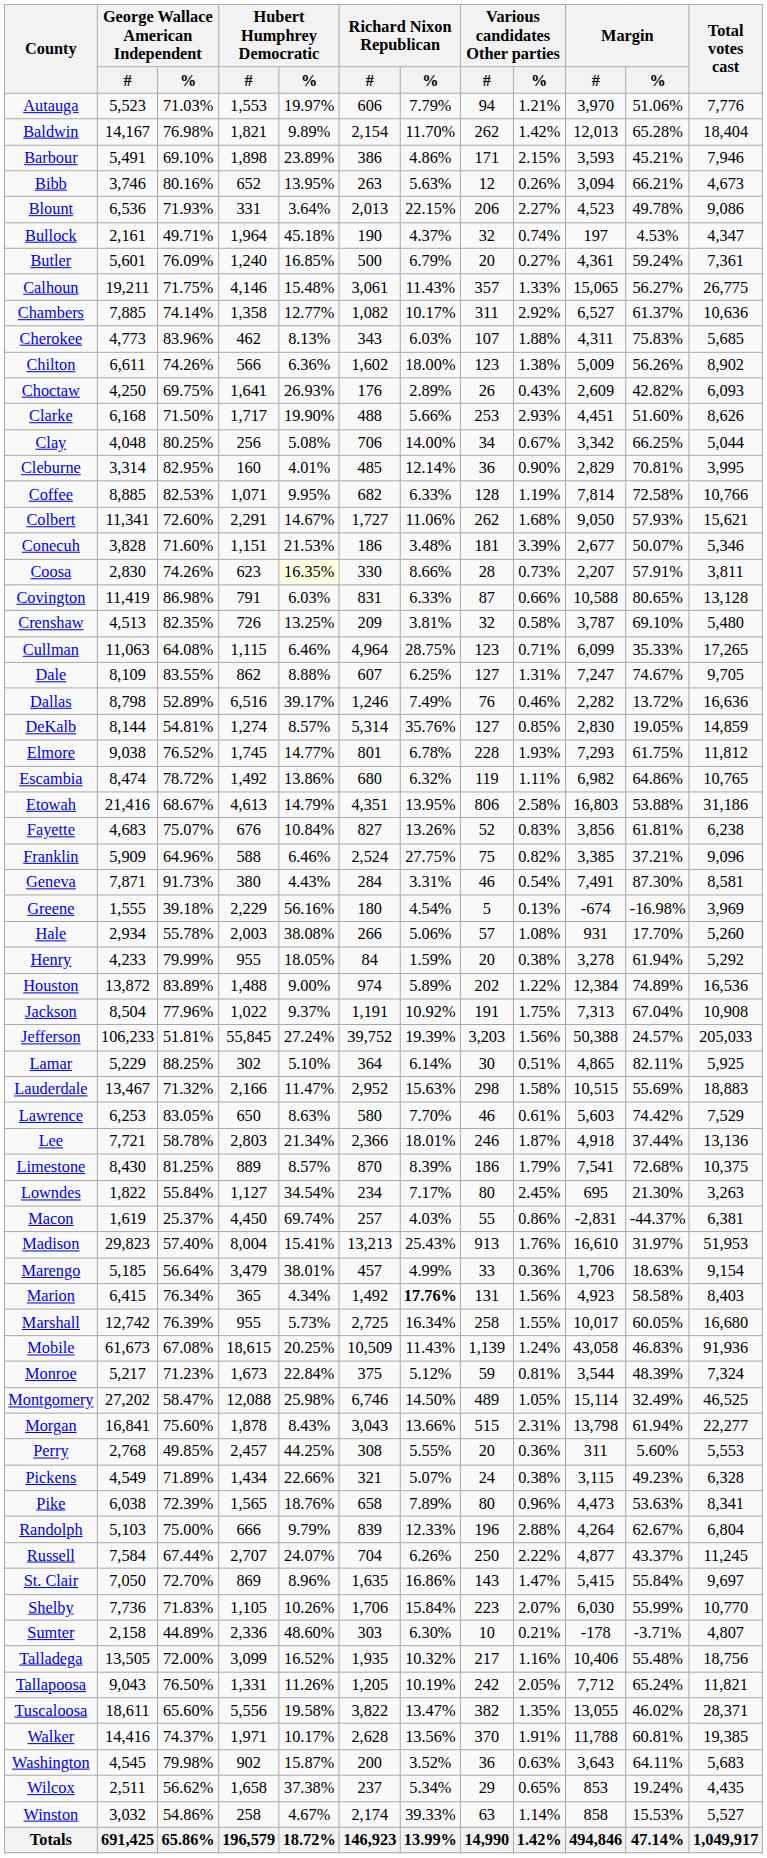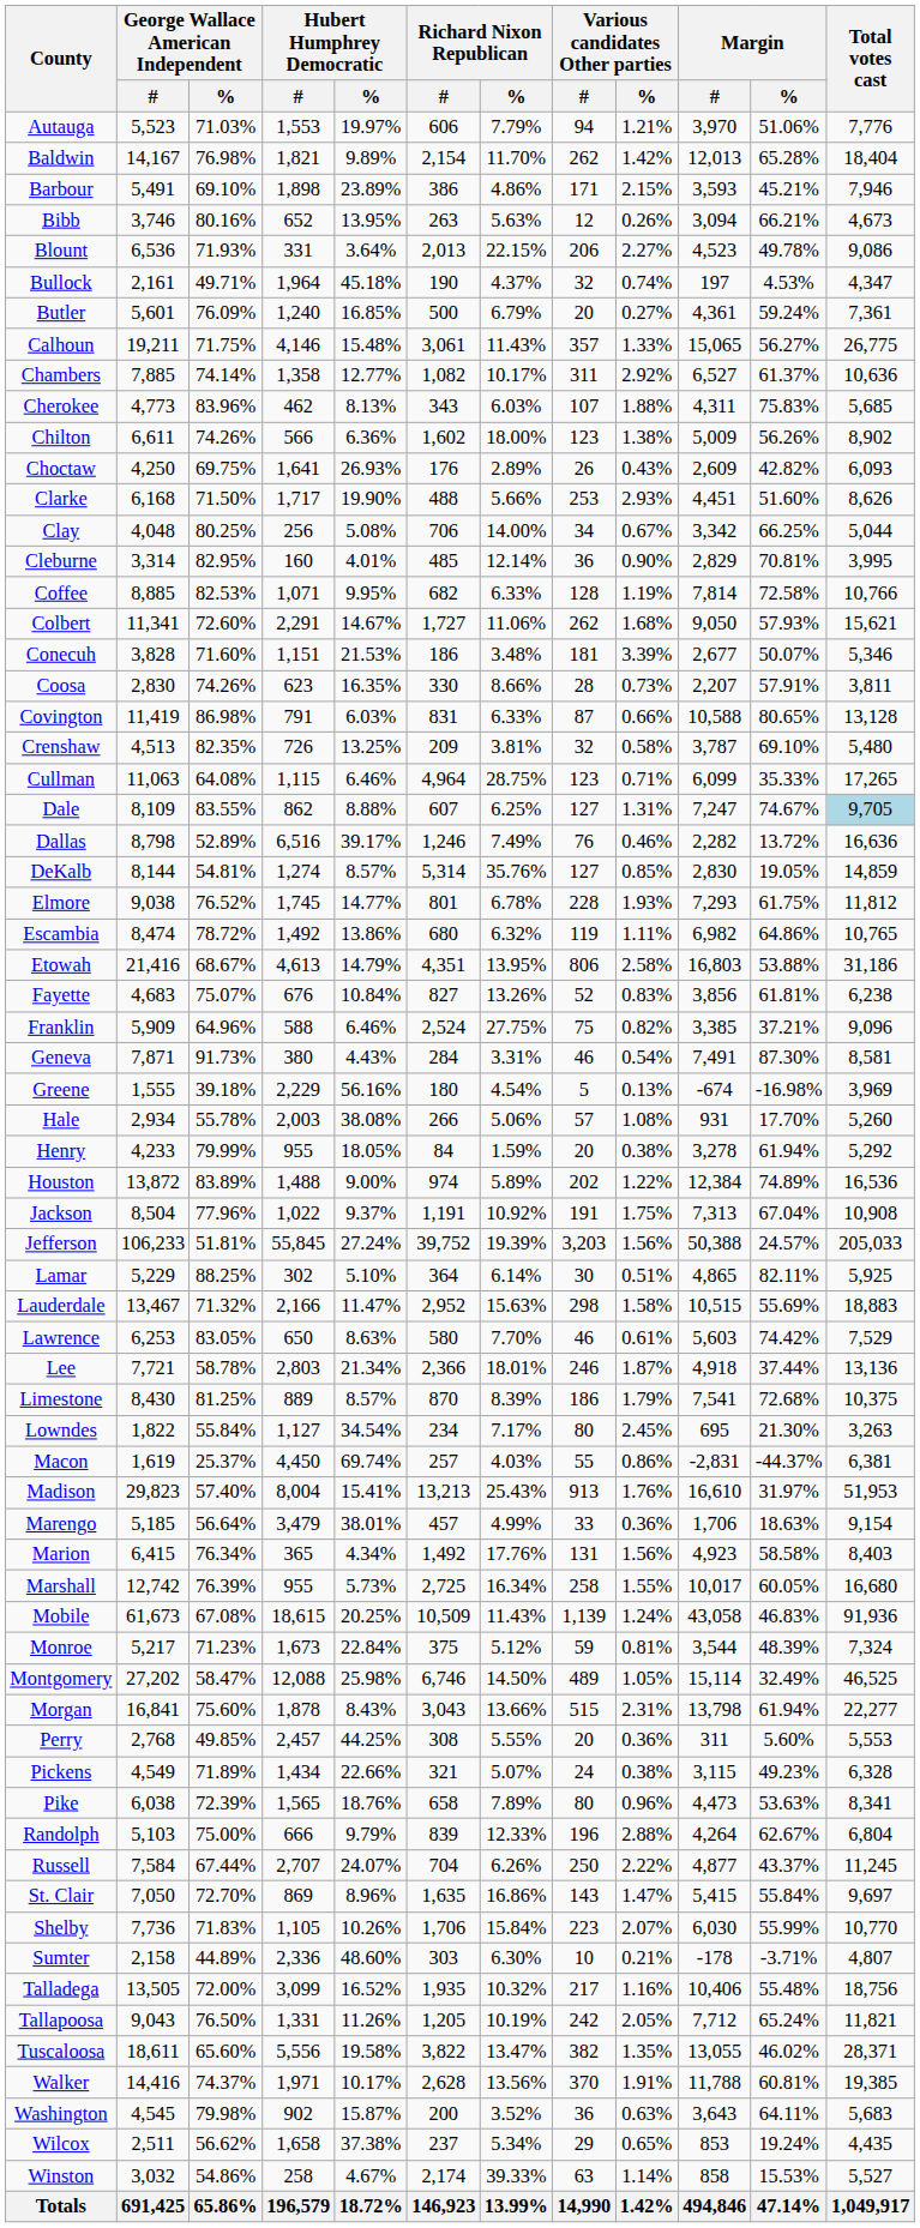 <table width="60%" class="wikitable sortable">
 <tr>
 <th rowspan="2">County</th>
 <th colspan="2">George Wallace<br>American Independent</th>
 <th colspan="2">Hubert Humphrey<br>Democratic</th>
 <th colspan="2">Richard Nixon<br>Republican</th>
 <th colspan="2">Various candidates<br>Other parties</th>
 <th colspan="2">Margin</th>
 <th rowspan="2">Total votes cast</th>
 </tr>
 <tr>
 <th style="text-align:center;" data-sort-type="number">#</th>
 <th style="text-align:center;" data-sort-type="number">%</th>
 <th style="text-align:center;" data-sort-type="number">#</th>
 <th style="text-align:center;" data-sort-type="number">%</th>
 <th style="text-align:center;" data-sort-type="number">#</th>
 <th style="text-align:center;" data-sort-type="number">%</th>
 <th style="text-align:center;" data-sort-type="number">#</th>
 <th style="text-align:center;" data-sort-type="number">%</th>
 <th style="text-align:center;" data-sort-type="number">#</th>
 <th style="text-align:center;" data-sort-type="number">%</th>
 </tr>
 <tr style="text-align:center;">
 <td><a href='#'>Autauga</a></td>
 <td>5,523</td>
 <td>71.03%</td>
 <td>1,553</td>
 <td>19.97%</td>
 <td>606</td>
 <td>7.79%</td>
 <td>94</td>
 <td>1.21%</td>
 <td>3,970</td>
 <td>51.06%</td>
 <td>7,776</td>
 </tr>
 <tr style="text-align:center;">
 <td><a href='#'>Baldwin</a></td>
 <td>14,167</td>
 <td>76.98%</td>
 <td>1,821</td>
 <td>9.89%</td>
 <td>2,154</td>
 <td>11.70%</td>
 <td>262</td>
 <td>1.42%</td>
 <td>12,013</td>
 <td>65.28%</td>
 <td>18,404</td>
 </tr>
 <tr style="text-align:center;">
 <td><a href='#'>Barbour</a></td>
 <td>5,491</td>
 <td>69.10%</td>
 <td>1,898</td>
 <td>23.89%</td>
 <td>386</td>
 <td>4.86%</td>
 <td>171</td>
 <td>2.15%</td>
 <td>3,593</td>
 <td>45.21%</td>
 <td>7,946</td>
 </tr>
 <tr style="text-align:center;">
 <td><a href='#'>Bibb</a></td>
 <td>3,746</td>
 <td>80.16%</td>
 <td>652</td>
 <td>13.95%</td>
 <td>263</td>
 <td>5.63%</td>
 <td>12</td>
 <td>0.26%</td>
 <td>3,094</td>
 <td>66.21%</td>
 <td>4,673</td>
 </tr>
 <tr style="text-align:center;">
 <td><a href='#'>Blount</a></td>
 <td>6,536</td>
 <td>71.93%</td>
 <td>331</td>
 <td>3.64%</td>
 <td>2,013</td>
 <td>22.15%</td>
 <td>206</td>
 <td>2.27%</td>
 <td>4,523</td>
 <td>49.78%</td>
 <td>9,086</td>
 </tr>
 <tr style="text-align:center;">
 <td><a href='#'>Bullock</a></td>
 <td>2,161</td>
 <td>49.71%</td>
 <td>1,964</td>
 <td>45.18%</td>
 <td>190</td>
 <td>4.37%</td>
 <td>32</td>
 <td>0.74%</td>
 <td>197</td>
 <td>4.53%</td>
 <td>4,347</td>
 </tr>
 <tr style="text-align:center;">
 <td><a href='#'>Butler</a></td>
 <td>5,601</td>
 <td>76.09%</td>
 <td>1,240</td>
 <td>16.85%</td>
 <td>500</td>
 <td>6.79%</td>
 <td>20</td>
 <td>0.27%</td>
 <td>4,361</td>
 <td>59.24%</td>
 <td>7,361</td>
 </tr>
 <tr style="text-align:center;">
 <td><a href='#'>Calhoun</a></td>
 <td>19,211</td>
 <td>71.75%</td>
 <td>4,146</td>
 <td>15.48%</td>
 <td>3,061</td>
 <td>11.43%</td>
 <td>357</td>
 <td>1.33%</td>
 <td>15,065</td>
 <td>56.27%</td>
 <td>26,775</td>
 </tr>
 <tr style="text-align:center;">
 <td><a href='#'>Chambers</a></td>
 <td>7,885</td>
 <td>74.14%</td>
 <td>1,358</td>
 <td>12.77%</td>
 <td>1,082</td>
 <td>10.17%</td>
 <td>311</td>
 <td>2.92%</td>
 <td>6,527</td>
 <td>61.37%</td>
 <td>10,636</td>
 </tr>
 <tr style="text-align:center;">
 <td><a href='#'>Cherokee</a></td>
 <td>4,773</td>
 <td>83.96%</td>
 <td>462</td>
 <td>8.13%</td>
 <td>343</td>
 <td>6.03%</td>
 <td>107</td>
 <td>1.88%</td>
 <td>4,311</td>
 <td>75.83%</td>
 <td>5,685</td>
 </tr>
 <tr style="text-align:center;">
 <td><a href='#'>Chilton</a></td>
 <td>6,611</td>
 <td>74.26%</td>
 <td>566</td>
 <td>6.36%</td>
 <td>1,602</td>
 <td>18.00%</td>
 <td>123</td>
 <td>1.38%</td>
 <td>5,009</td>
 <td>56.26%</td>
 <td>8,902</td>
 </tr>
 <tr style="text-align:center;">
 <td><a href='#'>Choctaw</a></td>
 <td>4,250</td>
 <td>69.75%</td>
 <td>1,641</td>
 <td>26.93%</td>
 <td>176</td>
 <td>2.89%</td>
 <td>26</td>
 <td>0.43%</td>
 <td>2,609</td>
 <td>42.82%</td>
 <td>6,093</td>
 </tr>
 <tr style="text-align:center;">
 <td><a href='#'>Clarke</a></td>
 <td>6,168</td>
 <td>71.50%</td>
 <td>1,717</td>
 <td>19.90%</td>
 <td>488</td>
 <td>5.66%</td>
 <td>253</td>
 <td>2.93%</td>
 <td>4,451</td>
 <td>51.60%</td>
 <td>8,626</td>
 </tr>
 <tr style="text-align:center;">
 <td><a href='#'>Clay</a></td>
 <td>4,048</td>
 <td>80.25%</td>
 <td>256</td>
 <td>5.08%</td>
 <td>706</td>
 <td>14.00%</td>
 <td>34</td>
 <td>0.67%</td>
 <td>3,342</td>
 <td>66.25%</td>
 <td>5,044</td>
 </tr>
 <tr style="text-align:center;">
 <td><a href='#'>Cleburne</a></td>
 <td>3,314</td>
 <td>82.95%</td>
 <td>160</td>
 <td>4.01%</td>
 <td>485</td>
 <td>12.14%</td>
 <td>36</td>
 <td>0.90%</td>
 <td>2,829</td>
 <td>70.81%</td>
 <td>3,995</td>
 </tr>
 <tr style="text-align:center;">
 <td><a href='#'>Coffee</a></td>
 <td>8,885</td>
 <td>82.53%</td>
 <td>1,071</td>
 <td>9.95%</td>
 <td>682</td>
 <td>6.33%</td>
 <td>128</td>
 <td>1.19%</td>
 <td>7,814</td>
 <td>72.58%</td>
 <td>10,766</td>
 </tr>
 <tr style="text-align:center;">
 <td><a href='#'>Colbert</a></td>
 <td>11,341</td>
 <td>72.60%</td>
 <td>2,291</td>
 <td>14.67%</td>
 <td>1,727</td>
 <td>11.06%</td>
 <td>262</td>
 <td>1.68%</td>
 <td>9,050</td>
 <td>57.93%</td>
 <td>15,621</td>
 </tr>
 <tr style="text-align:center;">
 <td><a href='#'>Conecuh</a></td>
 <td>3,828</td>
 <td>71.60%</td>
 <td>1,151</td>
 <td>21.53%</td>
 <td>186</td>
 <td>3.48%</td>
 <td>181</td>
 <td>3.39%</td>
 <td>2,677</td>
 <td>50.07%</td>
 <td>5,346</td>
 </tr>
 <tr style="text-align:center;">
 <td><a href='#'>Coosa</a></td>
 <td>2,830</td>
 <td>74.26%</td>
 <td>623</td>
-<td style="background: lightyellow;">16.35%</td>
+<td>16.35%</td>
 <td>330</td>
 <td>8.66%</td>
 <td>28</td>
 <td>0.73%</td>
 <td>2,207</td>
 <td>57.91%</td>
 <td>3,811</td>
 </tr>
 <tr style="text-align:center;">
 <td><a href='#'>Covington</a></td>
 <td>11,419</td>
 <td>86.98%</td>
 <td>791</td>
 <td>6.03%</td>
 <td>831</td>
 <td>6.33%</td>
 <td>87</td>
 <td>0.66%</td>
 <td>10,588</td>
 <td>80.65%</td>
 <td>13,128</td>
 </tr>
 <tr style="text-align:center;">
 <td><a href='#'>Crenshaw</a></td>
 <td>4,513</td>
 <td>82.35%</td>
 <td>726</td>
 <td>13.25%</td>
 <td>209</td>
 <td>3.81%</td>
 <td>32</td>
 <td>0.58%</td>
 <td>3,787</td>
 <td>69.10%</td>
 <td>5,480</td>
 </tr>
 <tr style="text-align:center;">
 <td><a href='#'>Cullman</a></td>
 <td>11,063</td>
 <td>64.08%</td>
 <td>1,115</td>
 <td>6.46%</td>
 <td>4,964</td>
 <td>28.75%</td>
 <td>123</td>
 <td>0.71%</td>
 <td>6,099</td>
 <td>35.33%</td>
 <td>17,265</td>
 </tr>
 <tr style="text-align:center;">
 <td><a href='#'>Dale</a></td>
 <td>8,109</td>
 <td>83.55%</td>
 <td>862</td>
 <td>8.88%</td>
 <td>607</td>
 <td>6.25%</td>
 <td>127</td>
 <td>1.31%</td>
 <td>7,247</td>
 <td>74.67%</td>
-<td>9,705</td>
+<td style="background: lightblue;">9,705</td>
 </tr>
 <tr style="text-align:center;">
 <td><a href='#'>Dallas</a></td>
 <td>8,798</td>
 <td>52.89%</td>
 <td>6,516</td>
 <td>39.17%</td>
 <td>1,246</td>
 <td>7.49%</td>
 <td>76</td>
 <td>0.46%</td>
 <td>2,282</td>
 <td>13.72%</td>
 <td>16,636</td>
 </tr>
 <tr style="text-align:center;">
 <td><a href='#'>DeKalb</a></td>
 <td>8,144</td>
 <td>54.81%</td>
 <td>1,274</td>
 <td>8.57%</td>
 <td>5,314</td>
 <td>35.76%</td>
 <td>127</td>
 <td>0.85%</td>
 <td>2,830</td>
 <td>19.05%</td>
 <td>14,859</td>
 </tr>
 <tr style="text-align:center;">
 <td><a href='#'>Elmore</a></td>
 <td>9,038</td>
 <td>76.52%</td>
 <td>1,745</td>
 <td>14.77%</td>
 <td>801</td>
 <td>6.78%</td>
 <td>228</td>
 <td>1.93%</td>
 <td>7,293</td>
 <td>61.75%</td>
 <td>11,812</td>
 </tr>
 <tr style="text-align:center;">
 <td><a href='#'>Escambia</a></td>
 <td>8,474</td>
 <td>78.72%</td>
 <td>1,492</td>
 <td>13.86%</td>
 <td>680</td>
 <td>6.32%</td>
 <td>119</td>
 <td>1.11%</td>
 <td>6,982</td>
 <td>64.86%</td>
 <td>10,765</td>
 </tr>
 <tr style="text-align:center;">
 <td><a href='#'>Etowah</a></td>
 <td>21,416</td>
 <td>68.67%</td>
 <td>4,613</td>
 <td>14.79%</td>
 <td>4,351</td>
 <td>13.95%</td>
 <td>806</td>
 <td>2.58%</td>
 <td>16,803</td>
 <td>53.88%</td>
 <td>31,186</td>
 </tr>
 <tr style="text-align:center;">
 <td><a href='#'>Fayette</a></td>
 <td>4,683</td>
 <td>75.07%</td>
 <td>676</td>
 <td>10.84%</td>
 <td>827</td>
 <td>13.26%</td>
 <td>52</td>
 <td>0.83%</td>
 <td>3,856</td>
 <td>61.81%</td>
 <td>6,238</td>
 </tr>
 <tr style="text-align:center;">
 <td><a href='#'>Franklin</a></td>
 <td>5,909</td>
 <td>64.96%</td>
 <td>588</td>
 <td>6.46%</td>
 <td>2,524</td>
 <td>27.75%</td>
 <td>75</td>
 <td>0.82%</td>
 <td>3,385</td>
 <td>37.21%</td>
 <td>9,096</td>
 </tr>
 <tr style="text-align:center;">
 <td><a href='#'>Geneva</a></td>
 <td>7,871</td>
 <td>91.73%</td>
 <td>380</td>
 <td>4.43%</td>
 <td>284</td>
 <td>3.31%</td>
 <td>46</td>
 <td>0.54%</td>
 <td>7,491</td>
 <td>87.30%</td>
 <td>8,581</td>
 </tr>
 <tr style="text-align:center;">
 <td><a href='#'>Greene</a></td>
 <td>1,555</td>
 <td>39.18%</td>
 <td>2,229</td>
 <td>56.16%</td>
 <td>180</td>
 <td>4.54%</td>
 <td>5</td>
 <td>0.13%</td>
 <td>-674</td>
 <td>-16.98%</td>
 <td>3,969</td>
 </tr>
 <tr style="text-align:center;">
 <td><a href='#'>Hale</a></td>
 <td>2,934</td>
 <td>55.78%</td>
 <td>2,003</td>
 <td>38.08%</td>
 <td>266</td>
 <td>5.06%</td>
 <td>57</td>
 <td>1.08%</td>
 <td>931</td>
 <td>17.70%</td>
 <td>5,260</td>
 </tr>
 <tr style="text-align:center;">
 <td><a href='#'>Henry</a></td>
 <td>4,233</td>
 <td>79.99%</td>
 <td>955</td>
 <td>18.05%</td>
 <td>84</td>
 <td>1.59%</td>
 <td>20</td>
 <td>0.38%</td>
 <td>3,278</td>
 <td>61.94%</td>
 <td>5,292</td>
 </tr>
 <tr style="text-align:center;">
 <td><a href='#'>Houston</a></td>
 <td>13,872</td>
 <td>83.89%</td>
 <td>1,488</td>
 <td>9.00%</td>
 <td>974</td>
 <td>5.89%</td>
 <td>202</td>
 <td>1.22%</td>
 <td>12,384</td>
 <td>74.89%</td>
 <td>16,536</td>
 </tr>
 <tr style="text-align:center;">
 <td><a href='#'>Jackson</a></td>
 <td>8,504</td>
 <td>77.96%</td>
 <td>1,022</td>
 <td>9.37%</td>
 <td>1,191</td>
 <td>10.92%</td>
 <td>191</td>
 <td>1.75%</td>
 <td>7,313</td>
 <td>67.04%</td>
 <td>10,908</td>
 </tr>
 <tr style="text-align:center;">
 <td><a href='#'>Jefferson</a></td>
 <td>106,233</td>
 <td>51.81%</td>
 <td>55,845</td>
 <td>27.24%</td>
 <td>39,752</td>
 <td>19.39%</td>
 <td>3,203</td>
 <td>1.56%</td>
 <td>50,388</td>
 <td>24.57%</td>
 <td>205,033</td>
 </tr>
 <tr style="text-align:center;">
 <td><a href='#'>Lamar</a></td>
 <td>5,229</td>
 <td>88.25%</td>
 <td>302</td>
 <td>5.10%</td>
 <td>364</td>
 <td>6.14%</td>
 <td>30</td>
 <td>0.51%</td>
 <td>4,865</td>
 <td>82.11%</td>
 <td>5,925</td>
 </tr>
 <tr style="text-align:center;">
 <td><a href='#'>Lauderdale</a></td>
 <td>13,467</td>
 <td>71.32%</td>
 <td>2,166</td>
 <td>11.47%</td>
 <td>2,952</td>
 <td>15.63%</td>
 <td>298</td>
 <td>1.58%</td>
 <td>10,515</td>
 <td>55.69%</td>
 <td>18,883</td>
 </tr>
 <tr style="text-align:center;">
 <td><a href='#'>Lawrence</a></td>
 <td>6,253</td>
 <td>83.05%</td>
 <td>650</td>
 <td>8.63%</td>
 <td>580</td>
 <td>7.70%</td>
 <td>46</td>
 <td>0.61%</td>
 <td>5,603</td>
 <td>74.42%</td>
 <td>7,529</td>
 </tr>
 <tr style="text-align:center;">
 <td><a href='#'>Lee</a></td>
 <td>7,721</td>
 <td>58.78%</td>
 <td>2,803</td>
 <td>21.34%</td>
 <td>2,366</td>
 <td>18.01%</td>
 <td>246</td>
 <td>1.87%</td>
 <td>4,918</td>
 <td>37.44%</td>
 <td>13,136</td>
 </tr>
 <tr style="text-align:center;">
 <td><a href='#'>Limestone</a></td>
 <td>8,430</td>
 <td>81.25%</td>
 <td>889</td>
 <td>8.57%</td>
 <td>870</td>
 <td>8.39%</td>
 <td>186</td>
 <td>1.79%</td>
 <td>7,541</td>
 <td>72.68%</td>
 <td>10,375</td>
 </tr>
 <tr style="text-align:center;">
 <td><a href='#'>Lowndes</a></td>
 <td>1,822</td>
 <td>55.84%</td>
 <td>1,127</td>
 <td>34.54%</td>
 <td>234</td>
 <td>7.17%</td>
 <td>80</td>
 <td>2.45%</td>
 <td>695</td>
 <td>21.30%</td>
 <td>3,263</td>
 </tr>
 <tr style="text-align:center;">
 <td><a href='#'>Macon</a></td>
 <td>1,619</td>
 <td>25.37%</td>
 <td>4,450</td>
 <td>69.74%</td>
 <td>257</td>
 <td>4.03%</td>
 <td>55</td>
 <td>0.86%</td>
 <td>-2,831</td>
 <td>-44.37%</td>
 <td>6,381</td>
 </tr>
 <tr style="text-align:center;">
 <td><a href='#'>Madison</a></td>
 <td>29,823</td>
 <td>57.40%</td>
 <td>8,004</td>
 <td>15.41%</td>
 <td>13,213</td>
 <td>25.43%</td>
 <td>913</td>
 <td>1.76%</td>
 <td>16,610</td>
 <td>31.97%</td>
 <td>51,953</td>
 </tr>
 <tr style="text-align:center;">
 <td><a href='#'>Marengo</a></td>
 <td>5,185</td>
 <td>56.64%</td>
 <td>3,479</td>
 <td>38.01%</td>
 <td>457</td>
 <td>4.99%</td>
 <td>33</td>
 <td>0.36%</td>
 <td>1,706</td>
 <td>18.63%</td>
 <td>9,154</td>
 </tr>
 <tr style="text-align:center;">
 <td><a href='#'>Marion</a></td>
 <td>6,415</td>
 <td>76.34%</td>
 <td>365</td>
 <td>4.34%</td>
 <td>1,492</td>
-<td><strong>17.76%</strong></td>
+<td>17.76%</td>
 <td>131</td>
 <td>1.56%</td>
 <td>4,923</td>
 <td>58.58%</td>
 <td>8,403</td>
 </tr>
 <tr style="text-align:center;">
 <td><a href='#'>Marshall</a></td>
 <td>12,742</td>
 <td>76.39%</td>
 <td>955</td>
 <td>5.73%</td>
 <td>2,725</td>
 <td>16.34%</td>
 <td>258</td>
 <td>1.55%</td>
 <td>10,017</td>
 <td>60.05%</td>
 <td>16,680</td>
 </tr>
 <tr style="text-align:center;">
 <td><a href='#'>Mobile</a></td>
 <td>61,673</td>
 <td>67.08%</td>
 <td>18,615</td>
 <td>20.25%</td>
 <td>10,509</td>
 <td>11.43%</td>
 <td>1,139</td>
 <td>1.24%</td>
 <td>43,058</td>
 <td>46.83%</td>
 <td>91,936</td>
 </tr>
 <tr style="text-align:center;">
 <td><a href='#'>Monroe</a></td>
 <td>5,217</td>
 <td>71.23%</td>
 <td>1,673</td>
 <td>22.84%</td>
 <td>375</td>
 <td>5.12%</td>
 <td>59</td>
 <td>0.81%</td>
 <td>3,544</td>
 <td>48.39%</td>
 <td>7,324</td>
 </tr>
 <tr style="text-align:center;">
 <td><a href='#'>Montgomery</a></td>
 <td>27,202</td>
 <td>58.47%</td>
 <td>12,088</td>
 <td>25.98%</td>
 <td>6,746</td>
 <td>14.50%</td>
 <td>489</td>
 <td>1.05%</td>
 <td>15,114</td>
 <td>32.49%</td>
 <td>46,525</td>
 </tr>
 <tr style="text-align:center;">
 <td><a href='#'>Morgan</a></td>
 <td>16,841</td>
 <td>75.60%</td>
 <td>1,878</td>
 <td>8.43%</td>
 <td>3,043</td>
 <td>13.66%</td>
 <td>515</td>
 <td>2.31%</td>
 <td>13,798</td>
 <td>61.94%</td>
 <td>22,277</td>
 </tr>
 <tr style="text-align:center;">
 <td><a href='#'>Perry</a></td>
 <td>2,768</td>
 <td>49.85%</td>
 <td>2,457</td>
 <td>44.25%</td>
 <td>308</td>
 <td>5.55%</td>
 <td>20</td>
 <td>0.36%</td>
 <td>311</td>
 <td>5.60%</td>
 <td>5,553</td>
 </tr>
 <tr style="text-align:center;">
 <td><a href='#'>Pickens</a></td>
 <td>4,549</td>
 <td>71.89%</td>
 <td>1,434</td>
 <td>22.66%</td>
 <td>321</td>
 <td>5.07%</td>
 <td>24</td>
 <td>0.38%</td>
 <td>3,115</td>
 <td>49.23%</td>
 <td>6,328</td>
 </tr>
 <tr style="text-align:center;">
 <td><a href='#'>Pike</a></td>
 <td>6,038</td>
 <td>72.39%</td>
 <td>1,565</td>
 <td>18.76%</td>
 <td>658</td>
 <td>7.89%</td>
 <td>80</td>
 <td>0.96%</td>
 <td>4,473</td>
 <td>53.63%</td>
 <td>8,341</td>
 </tr>
 <tr style="text-align:center;">
 <td><a href='#'>Randolph</a></td>
 <td>5,103</td>
 <td>75.00%</td>
 <td>666</td>
 <td>9.79%</td>
 <td>839</td>
 <td>12.33%</td>
 <td>196</td>
 <td>2.88%</td>
 <td>4,264</td>
 <td>62.67%</td>
 <td>6,804</td>
 </tr>
 <tr style="text-align:center;">
 <td><a href='#'>Russell</a></td>
 <td>7,584</td>
 <td>67.44%</td>
 <td>2,707</td>
 <td>24.07%</td>
 <td>704</td>
 <td>6.26%</td>
 <td>250</td>
 <td>2.22%</td>
 <td>4,877</td>
 <td>43.37%</td>
 <td>11,245</td>
 </tr>
 <tr style="text-align:center;">
 <td><a href='#'>St. Clair</a></td>
 <td>7,050</td>
 <td>72.70%</td>
 <td>869</td>
 <td>8.96%</td>
 <td>1,635</td>
 <td>16.86%</td>
 <td>143</td>
 <td>1.47%</td>
 <td>5,415</td>
 <td>55.84%</td>
 <td>9,697</td>
 </tr>
 <tr style="text-align:center;">
 <td><a href='#'>Shelby</a></td>
 <td>7,736</td>
 <td>71.83%</td>
 <td>1,105</td>
 <td>10.26%</td>
 <td>1,706</td>
 <td>15.84%</td>
 <td>223</td>
 <td>2.07%</td>
 <td>6,030</td>
 <td>55.99%</td>
 <td>10,770</td>
 </tr>
 <tr style="text-align:center;">
 <td><a href='#'>Sumter</a></td>
 <td>2,158</td>
 <td>44.89%</td>
 <td>2,336</td>
 <td>48.60%</td>
 <td>303</td>
 <td>6.30%</td>
 <td>10</td>
 <td>0.21%</td>
 <td>-178</td>
 <td>-3.71%</td>
 <td>4,807</td>
 </tr>
 <tr style="text-align:center;">
 <td><a href='#'>Talladega</a></td>
 <td>13,505</td>
 <td>72.00%</td>
 <td>3,099</td>
 <td>16.52%</td>
 <td>1,935</td>
 <td>10.32%</td>
 <td>217</td>
 <td>1.16%</td>
 <td>10,406</td>
 <td>55.48%</td>
 <td>18,756</td>
 </tr>
 <tr style="text-align:center;">
 <td><a href='#'>Tallapoosa</a></td>
 <td>9,043</td>
 <td>76.50%</td>
 <td>1,331</td>
 <td>11.26%</td>
 <td>1,205</td>
 <td>10.19%</td>
 <td>242</td>
 <td>2.05%</td>
 <td>7,712</td>
 <td>65.24%</td>
 <td>11,821</td>
 </tr>
 <tr style="text-align:center;">
 <td><a href='#'>Tuscaloosa</a></td>
 <td>18,611</td>
 <td>65.60%</td>
 <td>5,556</td>
 <td>19.58%</td>
 <td>3,822</td>
 <td>13.47%</td>
 <td>382</td>
 <td>1.35%</td>
 <td>13,055</td>
 <td>46.02%</td>
 <td>28,371</td>
 </tr>
 <tr style="text-align:center;">
 <td><a href='#'>Walker</a></td>
 <td>14,416</td>
 <td>74.37%</td>
 <td>1,971</td>
 <td>10.17%</td>
 <td>2,628</td>
 <td>13.56%</td>
 <td>370</td>
 <td>1.91%</td>
 <td>11,788</td>
 <td>60.81%</td>
 <td>19,385</td>
 </tr>
 <tr style="text-align:center;">
 <td><a href='#'>Washington</a></td>
 <td>4,545</td>
 <td>79.98%</td>
 <td>902</td>
 <td>15.87%</td>
 <td>200</td>
 <td>3.52%</td>
 <td>36</td>
 <td>0.63%</td>
 <td>3,643</td>
 <td>64.11%</td>
 <td>5,683</td>
 </tr>
 <tr style="text-align:center;">
 <td><a href='#'>Wilcox</a></td>
 <td>2,511</td>
 <td>56.62%</td>
 <td>1,658</td>
 <td>37.38%</td>
 <td>237</td>
 <td>5.34%</td>
 <td>29</td>
 <td>0.65%</td>
 <td>853</td>
 <td>19.24%</td>
 <td>4,435</td>
 </tr>
 <tr style="text-align:center;">
 <td><a href='#'>Winston</a></td>
 <td>3,032</td>
 <td>54.86%</td>
 <td>258</td>
 <td>4.67%</td>
 <td>2,174</td>
 <td>39.33%</td>
 <td>63</td>
 <td>1.14%</td>
 <td>858</td>
 <td>15.53%</td>
 <td>5,527</td>
 </tr>
 <tr style="text-align:center;">
 <th>Totals</th>
 <th>691,425</th>
 <th>65.86%</th>
 <th>196,579</th>
 <th>18.72%</th>
 <th>146,923</th>
 <th>13.99%</th>
 <th>14,990</th>
 <th>1.42%</th>
 <th>494,846</th>
 <th>47.14%</th>
 <th>1,049,917</th>
 </tr>
 </table>
